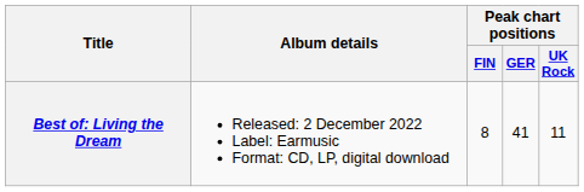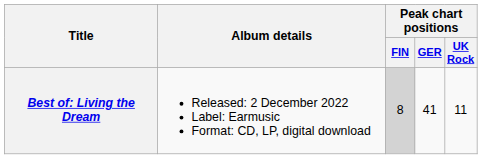 <table class="wikitable plainrowheaders">
 <tr>
 <th scope="col" rowspan="2" style="width:12em;">Title</th>
 <th scope="col" rowspan="2" style="width:18em;">Album details</th>
 <th scope="col" colspan="3">Peak chart positions</th>
 </tr>
 <tr>
 <th scope="col" style="width:2.2em;font-size:90%;"><a href='#'>FIN</a><br></th>
 <th scope="col" style="width:2.2em;font-size:90%;"><a href='#'>GER</a><br></th>
 <th scope="col" style="width:2.2em;font-size:90%;"><a href='#'>UK Rock</a><br></th>
 </tr>
 <tr>
 <th scope="row"><em><a href='#'>Best of: Living the Dream</a></em></th>
 <td><br><ul><li>Released: 2 December 2022</li><li>Label: Earmusic</li><li>Format: CD, LP, digital download</li></ul></td>
-<td style="text-align:center">8</td>
+<td style="background: lightgrey; text-align:center">8</td>
 <td style="text-align:center">41</td>
 <td style="text-align:center">11</td>
 </tr>
 </table>
